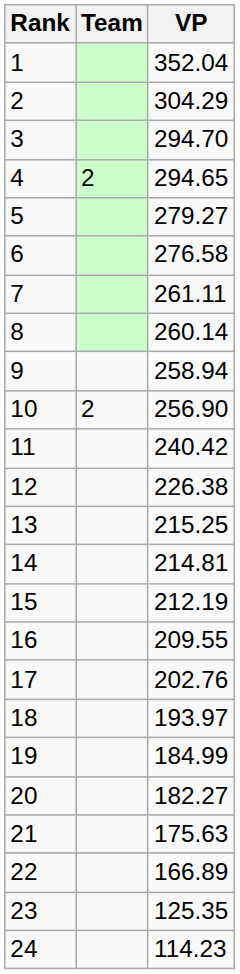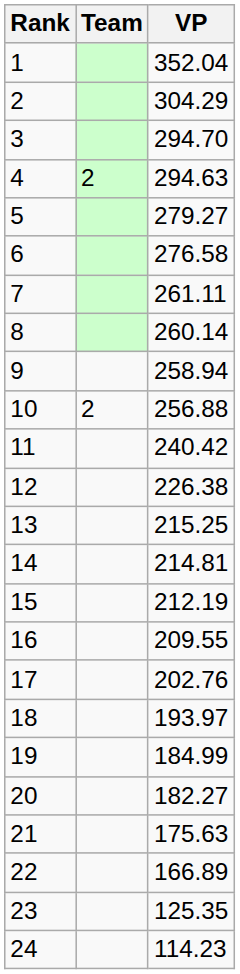 <table class="wikitable">
 <tr>
 <th>Rank</th>
 <th>Team</th>
 <th>VP</th>
 </tr>
 <tr>
 <td>1</td>
 <td style="background:#ccffcc;"></td>
 <td>352.04</td>
 </tr>
 <tr>
 <td>2</td>
 <td style="background:#ccffcc; "></td>
 <td>304.29</td>
 </tr>
 <tr>
 <td>3</td>
 <td style="background:#ccffcc; "></td>
 <td>294.70</td>
 </tr>
 <tr>
 <td>4</td>
 <td style="background:#ccffcc; "> 2</td>
-<td>294.65</td>
+<td>294.63</td>
 </tr>
 <tr>
 <td>5</td>
 <td style="background:#ccffcc; "></td>
 <td>279.27</td>
 </tr>
 <tr>
 <td>6</td>
 <td style="background:#ccffcc;"></td>
 <td>276.58</td>
 </tr>
 <tr>
 <td>7</td>
 <td style="background:#ccffcc; "></td>
 <td>261.11</td>
 </tr>
 <tr>
 <td>8</td>
 <td style="background:#ccffcc; "></td>
 <td>260.14</td>
 </tr>
 <tr>
 <td>9</td>
 <td></td>
 <td>258.94</td>
 </tr>
 <tr>
 <td>10</td>
 <td> 2</td>
-<td>256.90</td>
+<td>256.88</td>
 </tr>
 <tr>
 <td>11</td>
 <td></td>
 <td>240.42</td>
 </tr>
 <tr>
 <td>12</td>
 <td></td>
 <td>226.38</td>
 </tr>
 <tr>
 <td>13</td>
 <td></td>
 <td>215.25</td>
 </tr>
 <tr>
 <td>14</td>
 <td></td>
 <td>214.81</td>
 </tr>
 <tr>
 <td>15</td>
 <td></td>
 <td>212.19</td>
 </tr>
 <tr>
 <td>16</td>
 <td></td>
 <td>209.55</td>
 </tr>
 <tr>
 <td>17</td>
 <td></td>
 <td>202.76</td>
 </tr>
 <tr>
 <td>18</td>
 <td></td>
 <td>193.97</td>
 </tr>
 <tr>
 <td>19</td>
 <td></td>
 <td>184.99</td>
 </tr>
 <tr>
 <td>20</td>
 <td></td>
 <td>182.27</td>
 </tr>
 <tr>
 <td>21</td>
 <td></td>
 <td>175.63</td>
 </tr>
 <tr>
 <td>22</td>
 <td></td>
 <td>166.89</td>
 </tr>
 <tr>
 <td>23</td>
 <td></td>
 <td>125.35</td>
 </tr>
 <tr>
 <td>24</td>
 <td></td>
 <td>114.23</td>
 </tr>
 </table>
